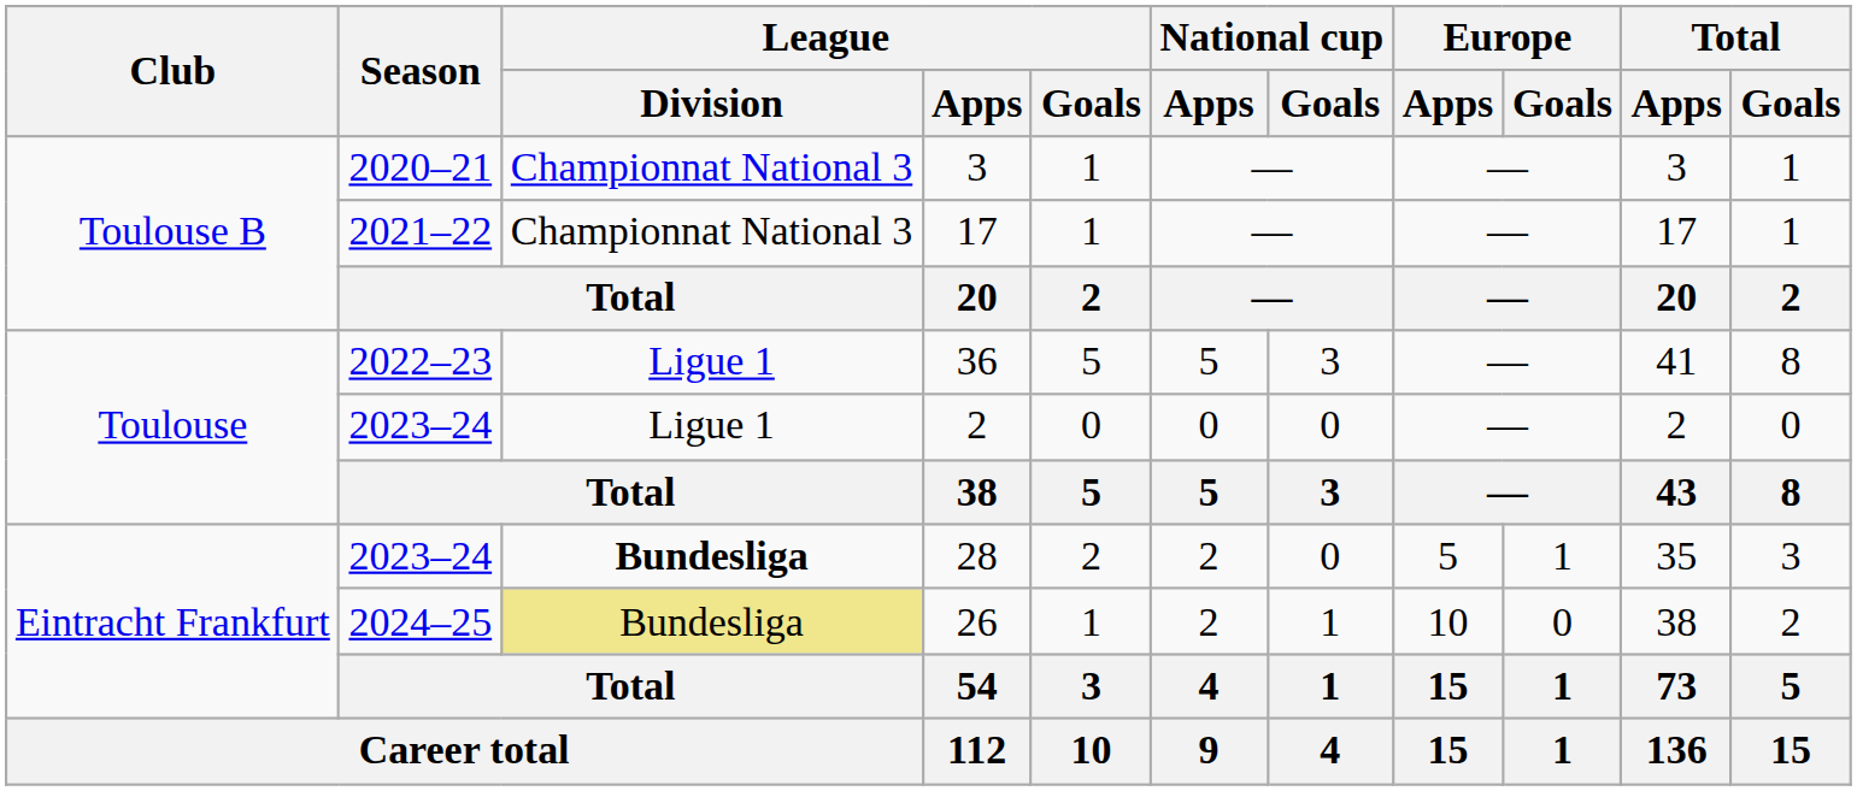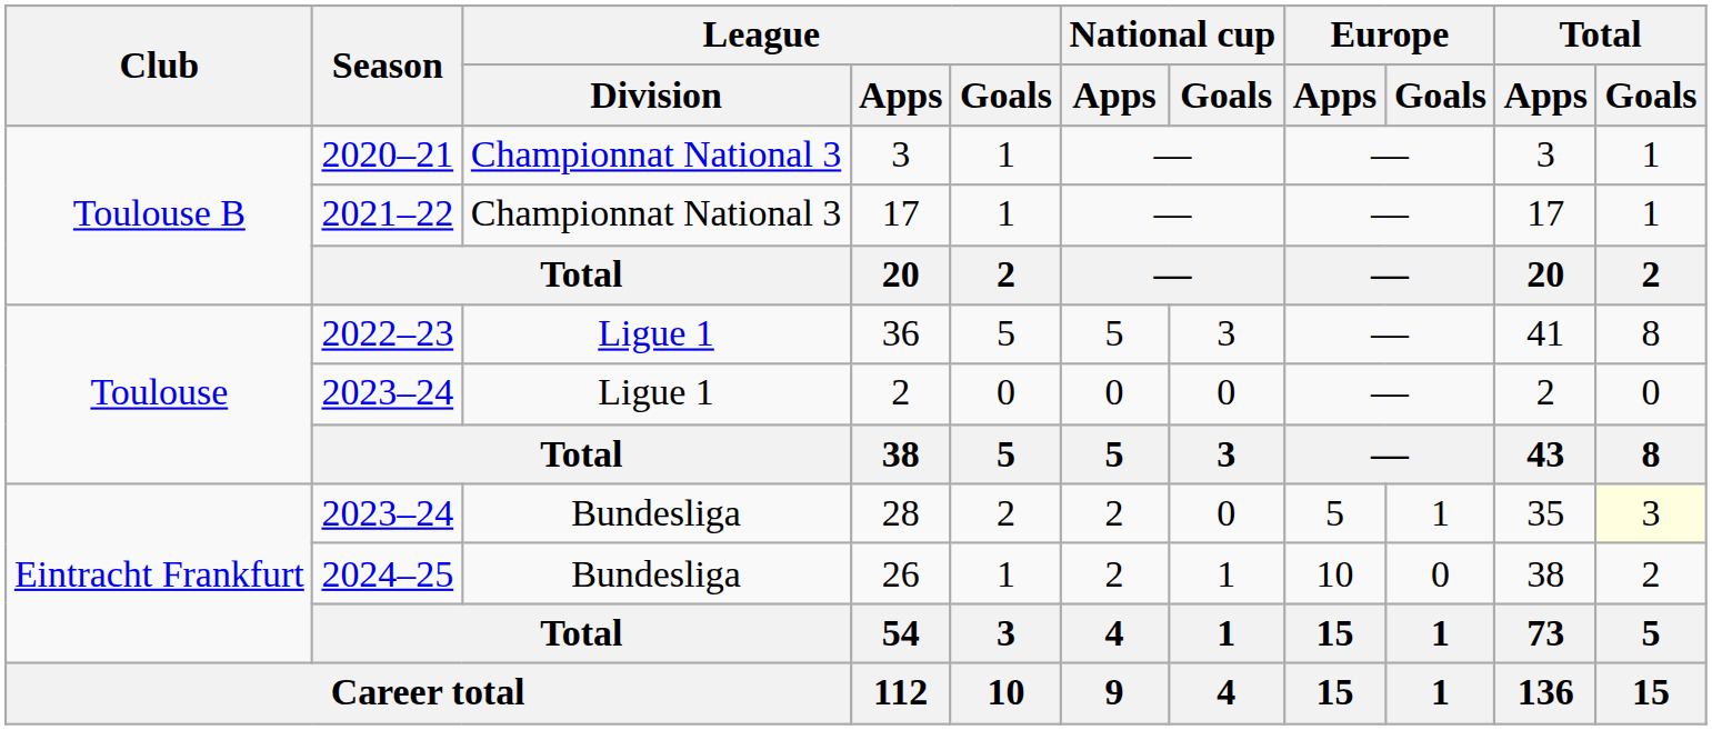 <table class="wikitable" style="text-align: center">
 <tr>
 <th rowspan="2">Club</th>
 <th rowspan="2">Season</th>
 <th colspan="3">League</th>
 <th colspan="2">National cup</th>
 <th colspan="2">Europe</th>
 <th colspan="2">Total</th>
 </tr>
 <tr>
 <th>Division</th>
 <th>Apps</th>
 <th>Goals</th>
 <th>Apps</th>
 <th>Goals</th>
 <th>Apps</th>
 <th>Goals</th>
 <th>Apps</th>
 <th>Goals</th>
 </tr>
 <tr>
 <td rowspan="3"><a href='#'>Toulouse B</a></td>
 <td><a href='#'>2020–21</a></td>
 <td><a href='#'>Championnat National 3</a></td>
 <td>3</td>
 <td>1</td>
 <td colspan="2">—</td>
 <td colspan="2">—</td>
 <td>3</td>
 <td>1</td>
 </tr>
 <tr>
 <td><a href='#'>2021–22</a></td>
 <td>Championnat National 3</td>
 <td>17</td>
 <td>1</td>
 <td colspan="2">—</td>
 <td colspan="2">—</td>
 <td>17</td>
 <td>1</td>
 </tr>
 <tr>
 <th colspan="2">Total</th>
 <th>20</th>
 <th>2</th>
 <th colspan="2">—</th>
 <th colspan="2">—</th>
 <th>20</th>
 <th>2</th>
 </tr>
 <tr>
 <td rowspan="3"><a href='#'>Toulouse</a></td>
 <td><a href='#'>2022–23</a></td>
 <td><a href='#'>Ligue 1</a></td>
 <td>36</td>
 <td>5</td>
 <td>5</td>
 <td>3</td>
 <td colspan="2">—</td>
 <td>41</td>
 <td>8</td>
 </tr>
 <tr>
 <td><a href='#'>2023–24</a></td>
 <td>Ligue 1</td>
 <td>2</td>
 <td>0</td>
 <td>0</td>
 <td>0</td>
 <td colspan="2">—</td>
 <td>2</td>
 <td>0</td>
 </tr>
 <tr>
 <th colspan="2">Total</th>
 <th>38</th>
 <th>5</th>
 <th>5</th>
 <th>3</th>
 <th colspan="2">—</th>
 <th>43</th>
 <th>8</th>
 </tr>
 <tr>
 <td rowspan="3"><a href='#'>Eintracht Frankfurt</a></td>
 <td><a href='#'>2023–24</a></td>
-<td><strong>Bundesliga</strong></td>
+<td>Bundesliga</td>
 <td>28</td>
 <td>2</td>
 <td>2</td>
 <td>0</td>
 <td>5</td>
 <td>1</td>
 <td>35</td>
-<td>3</td>
+<td style="background: lightyellow;">3</td>
 </tr>
 <tr>
 <td><a href='#'>2024–25</a></td>
-<td style="background: khaki;">Bundesliga</td>
+<td>Bundesliga</td>
 <td>26</td>
 <td>1</td>
 <td>2</td>
 <td>1</td>
 <td>10</td>
 <td>0</td>
 <td>38</td>
 <td>2</td>
 </tr>
 <tr>
 <th colspan="2">Total</th>
 <th>54</th>
 <th>3</th>
 <th>4</th>
 <th>1</th>
 <th>15</th>
 <th>1</th>
 <th>73</th>
 <th>5</th>
 </tr>
 <tr>
 <th colspan="3">Career total</th>
 <th>112</th>
 <th>10</th>
 <th>9</th>
 <th>4</th>
 <th>15</th>
 <th>1</th>
 <th>136</th>
 <th>15</th>
 </tr>
 </table>
